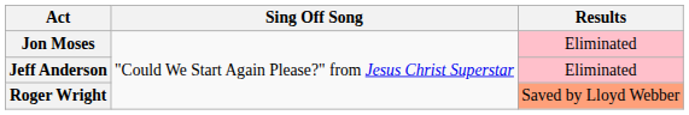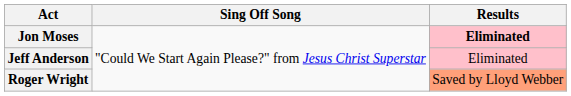 <table class="wikitable plainrowheaders" style="text-align:center;">
 <tr>
 <th scope="col">Act</th>
 <th scope="col">Sing Off Song</th>
 <th scope="col">Results</th>
 </tr>
 <tr>
 <th scope="row">Jon Moses</th>
 <td rowspan="3">"Could We Start Again Please?" from <em><a href='#'>Jesus Christ Superstar</a></em></td>
-<td style="background:pink;">Eliminated</td>
+<td style="background:pink;"><strong>Eliminated</strong></td>
 </tr>
 <tr>
 <th scope="row">Jeff Anderson</th>
 <td style="background:pink;">Eliminated</td>
 </tr>
 <tr>
 <th scope="row">Roger Wright</th>
 <td style="background: lightsalmon;">Saved by Lloyd Webber</td>
 </tr>
 </table>
